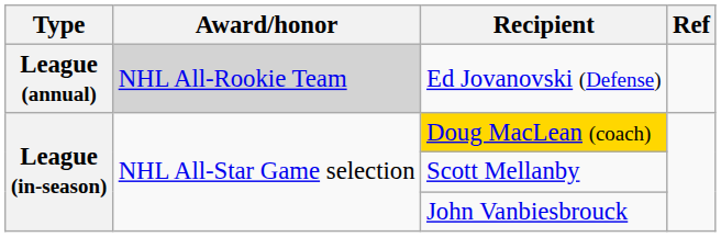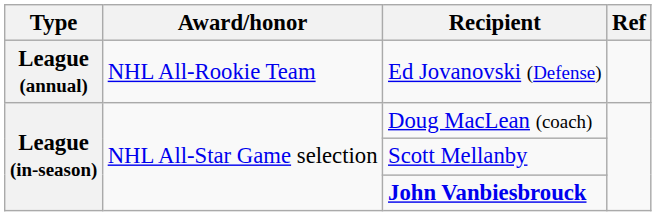 <table class="wikitable">
 <tr>
 <th scope="col">Type</th>
 <th scope="col">Award/honor</th>
 <th scope="col">Recipient</th>
 <th scope="col">Ref</th>
 </tr>
 <tr>
 <th scope="row">League<br><small>(annual)</small></th>
-<td style="background: lightgrey;"><a href='#'>NHL All-Rookie Team</a></td>
+<td><a href='#'>NHL All-Rookie Team</a></td>
 <td><a href='#'>Ed Jovanovski</a> <small>(<a href='#'>Defense</a>)</small></td>
 <td></td>
 </tr>
 <tr>
 <th scope="row" rowspan=3>League<br><small>(in-season)</small></th>
 <td rowspan=3><a href='#'>NHL All-Star Game</a> selection</td>
-<td style="background: gold;"><a href='#'>Doug MacLean</a> <small>(coach)</small></td>
+<td><a href='#'>Doug MacLean</a> <small>(coach)</small></td>
 <td rowspan=3></td>
 </tr>
 <tr>
 <td><a href='#'>Scott Mellanby</a></td>
 </tr>
 <tr>
-<td><a href='#'>John Vanbiesbrouck</a></td>
+<td><strong><a href='#'>John Vanbiesbrouck</a></strong></td>
 </tr>
 </table>
